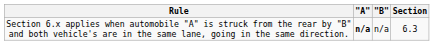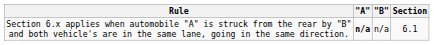 <table class="wikitable">
 <tr>
 <th style="text-align: center;">Rule</th>
 <th style="text-align: center;">"A"</th>
 <th style="text-align: center;">"B"</th>
 <th style="text-align: center;">Section</th>
 </tr>
 <tr>
 <td style="text-align: center;">Section 6.x applies when automobile "A" is struck from the rear by "B"<br>and both vehicle's are in the same lane, going in the same direction.</td>
 <td><strong>n/a</strong></td>
 <td>n/a</td>
-<td style="text-align: center;">6.3</td>
+<td style="text-align: center;">6.1</td>
 </tr>
 </table>
